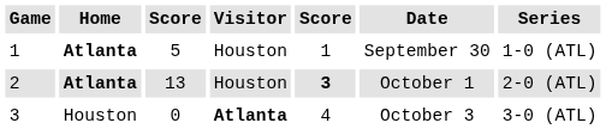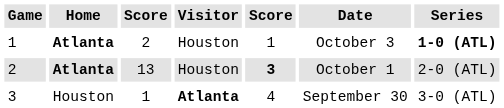 <table border="0" cellspacing="3" cellpadding="3">
 <tr style="background: #e3e3e3;">
 <th>Game</th>
 <th>Home</th>
 <th>Score</th>
 <th>Visitor</th>
 <th>Score</th>
 <th>Date</th>
 <th>Series</th>
 </tr>
 <tr>
 <td>1</td>
 <td align="center"><strong>Atlanta</strong></td>
-<td align="center">5</td>
+<td align="center">2</td>
 <td align="center">Houston</td>
 <td align="center">1</td>
-<td align="center">September 30</td>
-<td>1-0 (ATL)</td>
+<td align="center">October 3</td>
+<td><strong>1-0 (ATL)</strong></td>
 </tr>
 <tr style="background: #e3e3e3;">
 <td>2</td>
 <td align="center"><strong>Atlanta</strong></td>
 <td align="center">13</td>
 <td align="center">Houston</td>
 <td align="center"><strong>3</strong></td>
 <td align="center">October 1</td>
 <td>2-0 (ATL)</td>
 </tr>
 <tr>
 <td>3</td>
 <td align="center">Houston</td>
-<td align="center">0</td>
+<td align="center">1</td>
 <td align="center"><strong>Atlanta</strong></td>
 <td align="center">4</td>
-<td align="center">October 3</td>
+<td align="center">September 30</td>
 <td>3-0 (ATL)</td>
 </tr>
 <tr>
 </tr>
 </table>
